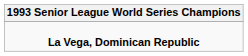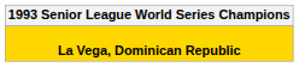 <table class="wikitable" style="text-align: center; margin: 0 auto;">
 <tr>
 <th>1993 Senior League World Series Champions</th>
 </tr>
 <tr>
 </tr>
 <tr>
-<td><br><strong>La Vega, Dominican Republic</strong></td>
+<td style="background: gold;"><br><strong>La Vega, Dominican Republic</strong></td>
 </tr>
 </table>
